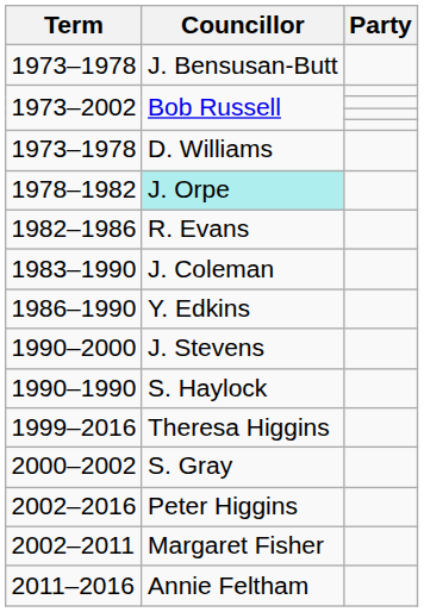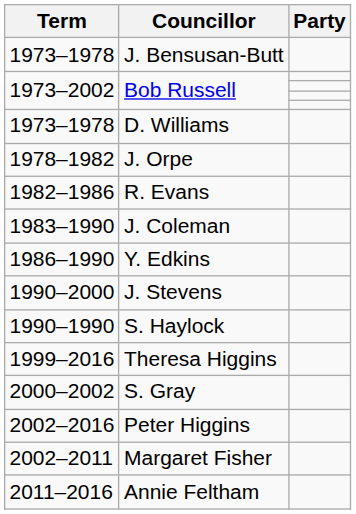 <table class="wikitable">
 <tr>
 <th>Term</th>
 <th>Councillor</th>
 <th colspan=2>Party</th>
 </tr>
 <tr>
 <td>1973–1978</td>
 <td>J. Bensusan-Butt</td>
 <td></td>
 </tr>
 <tr>
 <td rowspan=4>1973–2002</td>
 <td rowspan=4><a href='#'>Bob Russell</a></td>
 <td></td>
 </tr>
 <tr>
 <td></td>
 </tr>
 <tr>
 <td></td>
 </tr>
 <tr>
 <td></td>
 </tr>
 <tr>
 <td>1973–1978</td>
 <td>D. Williams</td>
 <td></td>
 </tr>
 <tr>
 <td>1978–1982</td>
-<td style="background: paleturquoise;">J. Orpe</td>
+<td>J. Orpe</td>
 <td></td>
 </tr>
 <tr>
 <td>1982–1986</td>
 <td>R. Evans</td>
 <td></td>
 </tr>
 <tr>
 <td>1983–1990</td>
 <td>J. Coleman</td>
 <td></td>
 </tr>
 <tr>
 <td>1986–1990</td>
 <td>Y. Edkins</td>
 <td></td>
 </tr>
 <tr>
 <td>1990–2000</td>
 <td>J. Stevens</td>
 <td></td>
 </tr>
 <tr>
 <td>1990–1990</td>
 <td>S. Haylock</td>
 <td></td>
 </tr>
 <tr>
 <td>1999–2016</td>
 <td>Theresa Higgins</td>
 <td></td>
 </tr>
 <tr>
 <td>2000–2002</td>
 <td>S. Gray</td>
 <td></td>
 </tr>
 <tr>
 <td>2002–2016</td>
 <td>Peter Higgins</td>
 <td></td>
 </tr>
 <tr>
 <td>2002–2011</td>
 <td>Margaret Fisher</td>
 <td></td>
 </tr>
 <tr>
 <td>2011–2016</td>
 <td>Annie Feltham</td>
 <td></td>
 </tr>
 </table>
